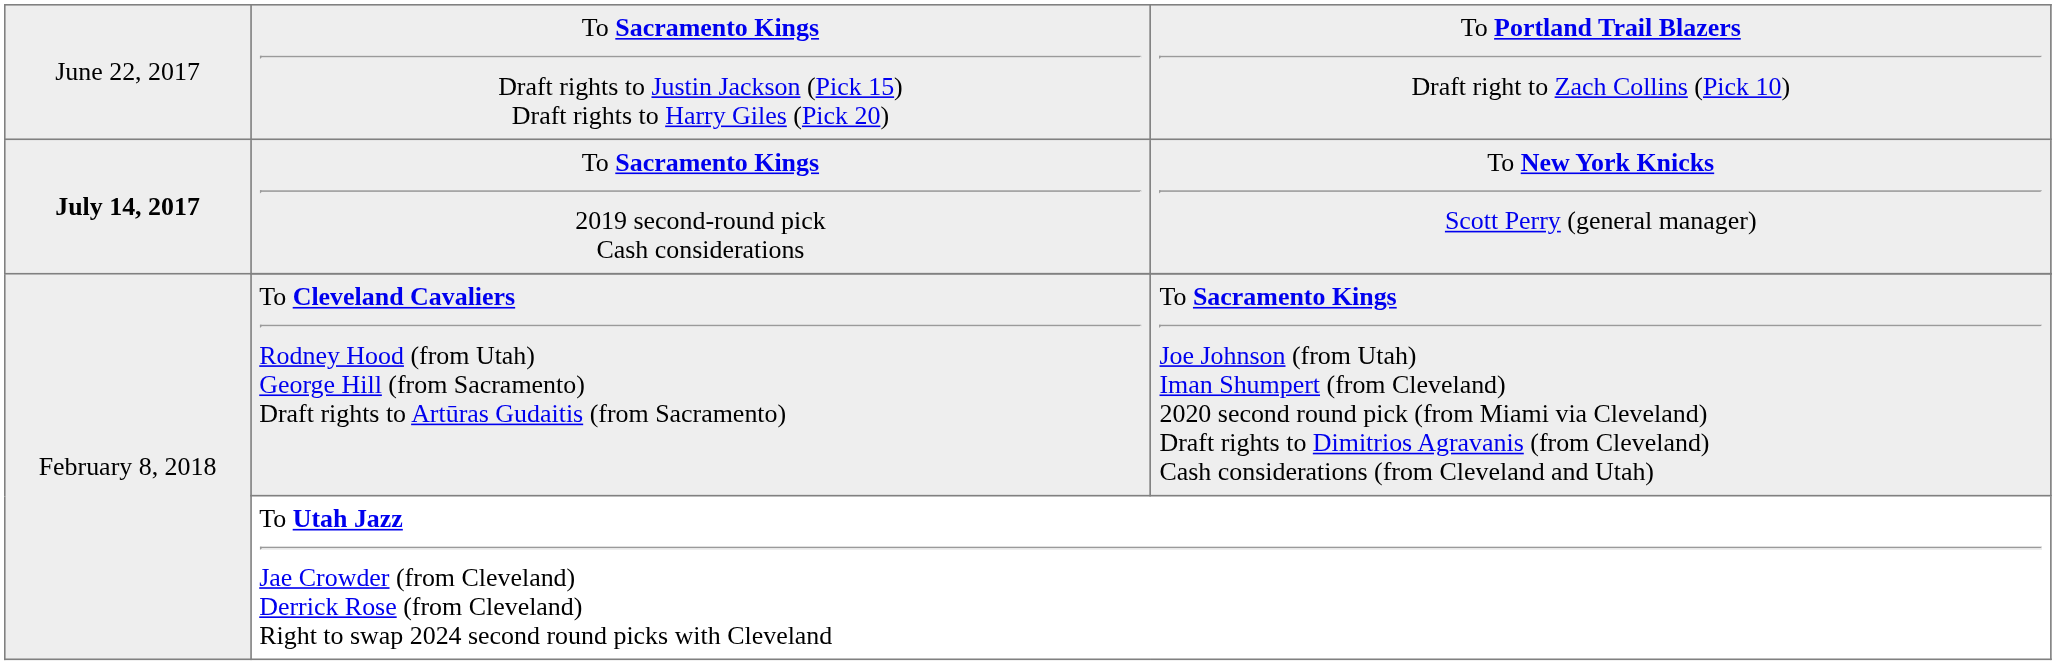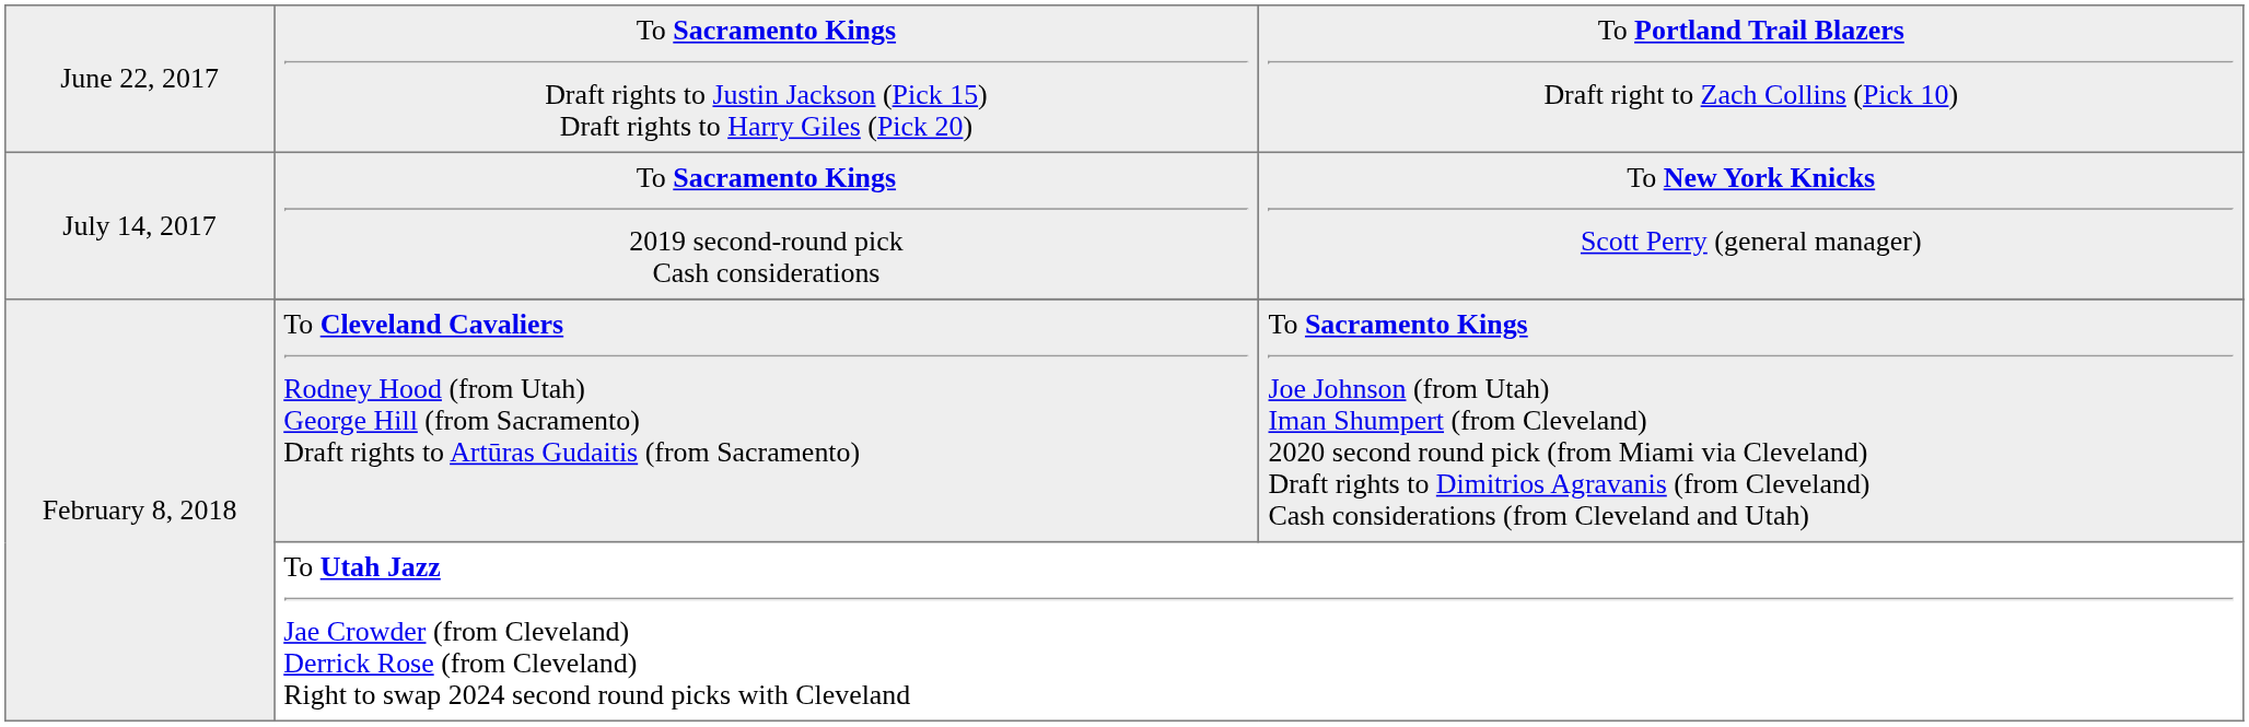 <table border="1" style="border-collapse:collapse; text-align:center; width:100%;"  cellpadding="5">
 <tr style="background:#eee;">
 <td style="width:12%">June 22, 2017</td>
 <td style="width:44%; vertical-align:top;">To <strong><a href='#'>Sacramento Kings</a></strong><hr>Draft rights to <a href='#'>Justin Jackson</a> (<a href='#'>Pick 15</a>)<br>Draft rights to <a href='#'>Harry Giles</a> (<a href='#'>Pick 20</a>)</td>
 <td style="width:44%; vertical-align:top;">To <strong><a href='#'>Portland Trail Blazers</a></strong><hr>Draft right to <a href='#'>Zach Collins</a> (<a href='#'>Pick 10</a>)</td>
 </tr>
 <tr style="background:#eee;">
-<td style="width:12%"><strong>July 14, 2017</strong></td>
+<td style="width:12%">July 14, 2017</td>
 <td style="width:44%; vertical-align:top;">To <strong><a href='#'>Sacramento Kings</a></strong><hr>2019 second-round pick<br>Cash considerations</td>
 <td style="width:44%; vertical-align:top;">To <strong><a href='#'>New York Knicks</a></strong><hr><a href='#'>Scott Perry</a> (general manager)</td>
 </tr>
 <tr style="background:#eee;">
 <td style="width:12%" rowspan=3>February 8, 2018</td>
 </tr>
 <tr style="background:#eee;">
 <td align=left valign=top>To <strong><a href='#'>Cleveland Cavaliers</a></strong><hr><a href='#'>Rodney Hood</a> (from Utah)<br><a href='#'>George Hill</a> (from Sacramento)<br>Draft rights to <a href='#'>Artūras Gudaitis</a> (from Sacramento)</td>
 <td align=left valign=top>To <strong><a href='#'>Sacramento Kings</a></strong><hr><a href='#'>Joe Johnson</a> (from Utah)<br><a href='#'>Iman Shumpert</a> (from Cleveland)<br>2020 second round pick (from Miami via Cleveland)<br>Draft rights to <a href='#'>Dimitrios Agravanis</a> (from Cleveland)<br>Cash considerations (from Cleveland and Utah)</td>
 </tr>
 <tr>
 <td colspan="2" style="text-align:left; vertical-align:top;">To <strong><a href='#'>Utah Jazz</a></strong><hr><a href='#'>Jae Crowder</a> (from Cleveland)<br><a href='#'>Derrick Rose</a> (from Cleveland)<br>Right to swap 2024 second round picks with Cleveland</td>
 </tr>
 </table>
